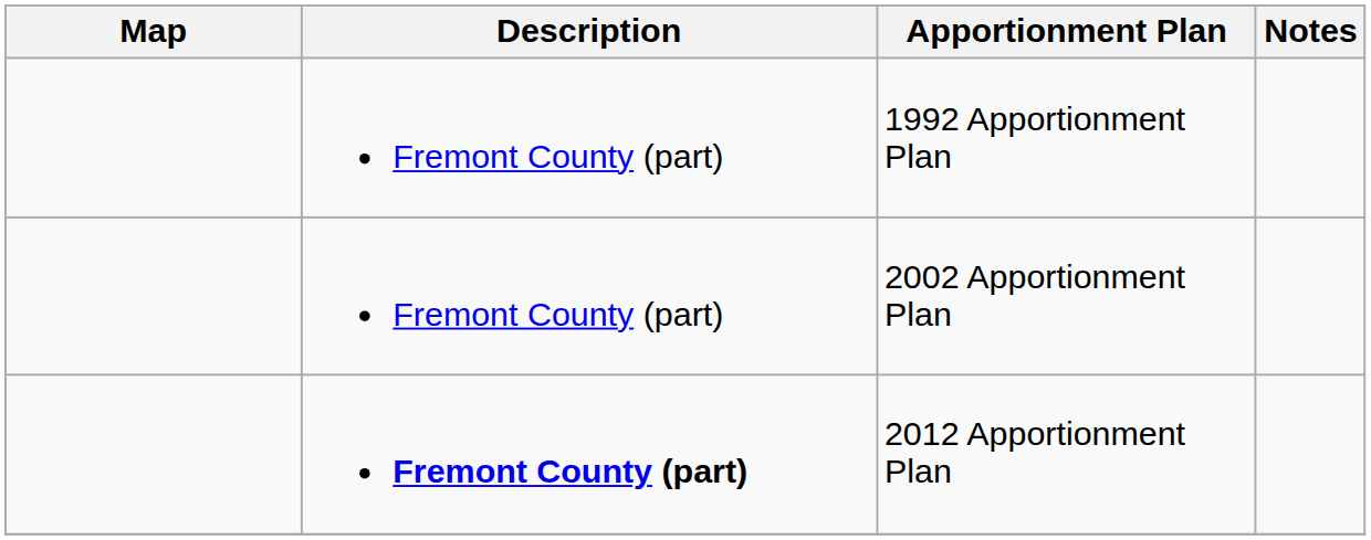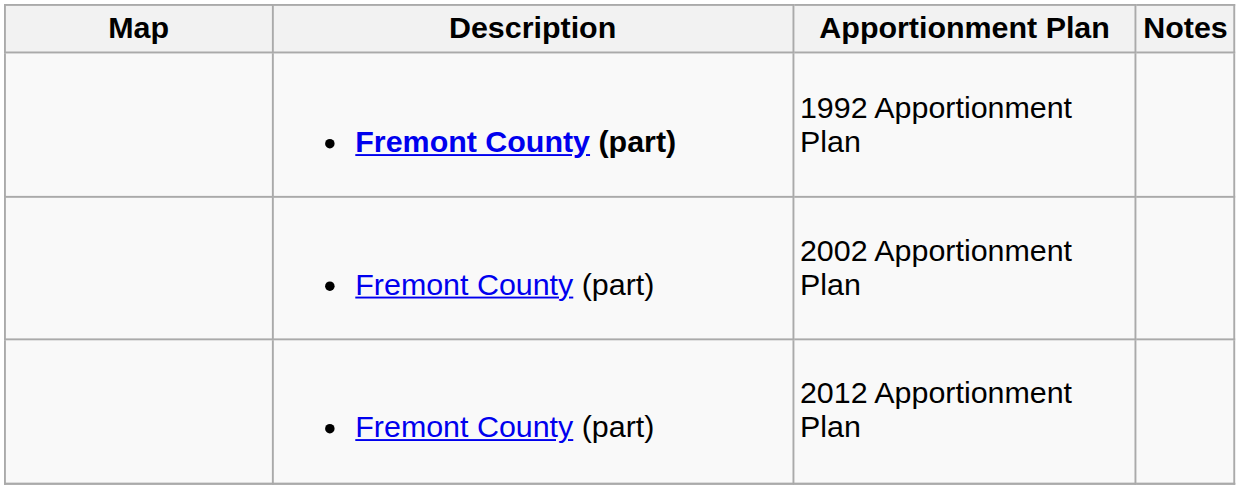 <table class="wikitable sortable">
 <tr>
 <th style="width:100pt;">Map</th>
 <th style="width:200pt;">Description</th>
 <th style="width:130pt;">Apportionment Plan</th>
 <th style="width:15pt;">Notes</th>
 </tr>
 <tr>
 <td></td>
-<td><br><ul><li><a href='#'>Fremont County</a> (part)</li></ul></td>
+<td><strong><br><ul><li><a href='#'>Fremont County</a> (part)</li></ul></strong></td>
 <td>1992 Apportionment Plan</td>
 <td></td>
 </tr>
 <tr>
 <td></td>
 <td><br><ul><li><a href='#'>Fremont County</a> (part)</li></ul></td>
 <td>2002 Apportionment Plan</td>
 <td></td>
 </tr>
 <tr>
 <td></td>
-<td><strong><br><ul><li><a href='#'>Fremont County</a> (part)</li></ul></strong></td>
+<td><br><ul><li><a href='#'>Fremont County</a> (part)</li></ul></td>
 <td>2012 Apportionment Plan</td>
 <td></td>
 </tr>
 <tr>
 </tr>
 </table>
